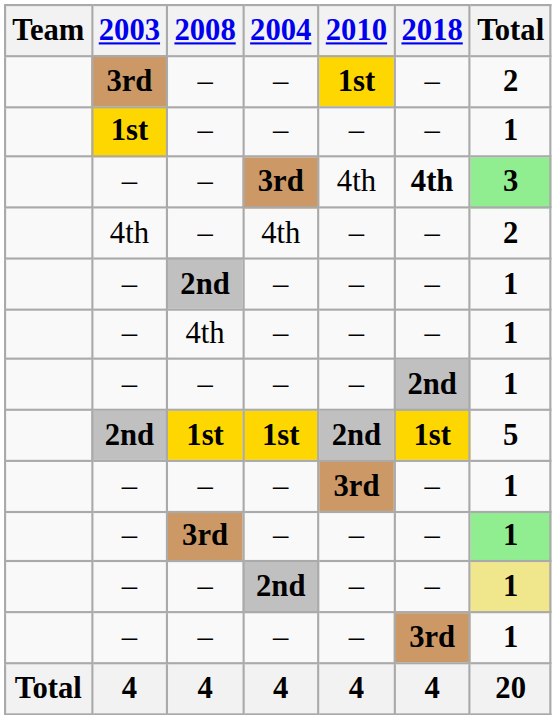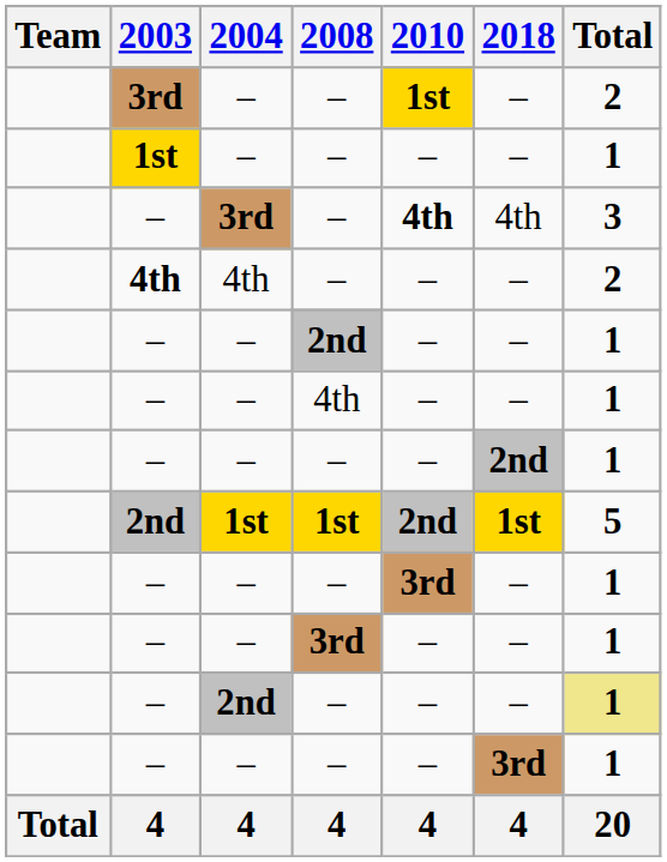 <table class=wikitable style="text-align:center; font-size:90%">
 <tr>
 <th>Team</th>
 <th><a href='#'>2003</a></th>
+<th><a href='#'>2004</a></th>
 <th><a href='#'>2008</a></th>
-<th><a href='#'>2004</a></th>
 <th><a href='#'>2010</a></th>
 <th><a href='#'>2018</a></th>
 <th>Total</th>
 </tr>
 <tr>
 <td align=left></td>
 <td bgcolor=#cc9966><strong>3rd</strong></td>
 <td>–</td>
 <td>–</td>
 <td bgcolor=gold><strong>1st</strong></td>
 <td>–</td>
 <td><strong>2</strong></td>
 </tr>
 <tr>
 <td align=left></td>
 <td bgcolor=gold><strong>1st</strong></td>
 <td>–</td>
 <td>–</td>
 <td>–</td>
 <td>–</td>
 <td><strong>1</strong></td>
 </tr>
 <tr>
 <td align=left></td>
 <td>–</td>
+<td bgcolor=#cc9966><strong>3rd</strong></td>
 <td>–</td>
-<td bgcolor=#cc9966><strong>3rd</strong></td>
+<td><strong>4th</strong></td>
 <td>4th</td>
-<td><strong>4th</strong></td>
-<td style="background: lightgreen;"><strong>3</strong></td>
+<td><strong>3</strong></td>
 </tr>
 <tr>
 <td align=left></td>
+<td><strong>4th</strong></td>
 <td>4th</td>
 <td>–</td>
-<td>4th</td>
 <td>–</td>
 <td>–</td>
 <td><strong>2</strong></td>
 </tr>
 <tr>
 <td align=left></td>
 <td>–</td>
+<td>–</td>
 <td bgcolor=silver><strong>2nd</strong></td>
-<td>–</td>
 <td>–</td>
 <td>–</td>
 <td><strong>1</strong></td>
 </tr>
 <tr>
 <td align=left></td>
 <td>–</td>
+<td>–</td>
 <td>4th</td>
-<td>–</td>
 <td>–</td>
 <td>–</td>
 <td><strong>1</strong></td>
 </tr>
 <tr>
 <td align=left></td>
 <td>–</td>
 <td>–</td>
 <td>–</td>
 <td>–</td>
 <td bgcolor=silver><strong>2nd</strong></td>
 <td><strong>1</strong></td>
 </tr>
 <tr>
 <td align=left></td>
 <td bgcolor=silver><strong>2nd</strong></td>
 <td bgcolor=gold><strong>1st</strong></td>
 <td bgcolor=gold><strong>1st</strong></td>
 <td bgcolor=silver><strong>2nd</strong></td>
 <td bgcolor=gold><strong>1st</strong></td>
 <td><strong>5</strong></td>
 </tr>
 <tr>
 <td align=left></td>
 <td>–</td>
 <td>–</td>
 <td>–</td>
 <td bgcolor=#cc9966><strong>3rd</strong></td>
 <td>–</td>
 <td><strong>1</strong></td>
 </tr>
 <tr>
 <td align=left></td>
 <td>–</td>
+<td>–</td>
 <td bgcolor=#cc9966><strong>3rd</strong></td>
 <td>–</td>
 <td>–</td>
-<td>–</td>
-<td style="background: lightgreen;"><strong>1</strong></td>
+<td><strong>1</strong></td>
 </tr>
 <tr>
 <td align=left></td>
 <td>–</td>
+<td bgcolor=silver><strong>2nd</strong></td>
 <td>–</td>
-<td bgcolor=silver><strong>2nd</strong></td>
 <td>–</td>
 <td>–</td>
 <td style="background: khaki;"><strong>1</strong></td>
 </tr>
 <tr>
 <td align=left></td>
 <td>–</td>
 <td>–</td>
 <td>–</td>
 <td>–</td>
 <td bgcolor=#cc9966><strong>3rd</strong></td>
 <td><strong>1</strong></td>
 </tr>
 <tr>
 <th>Total</th>
 <th>4</th>
 <th>4</th>
 <th>4</th>
 <th>4</th>
 <th>4</th>
 <th>20</th>
 </tr>
 </table>
